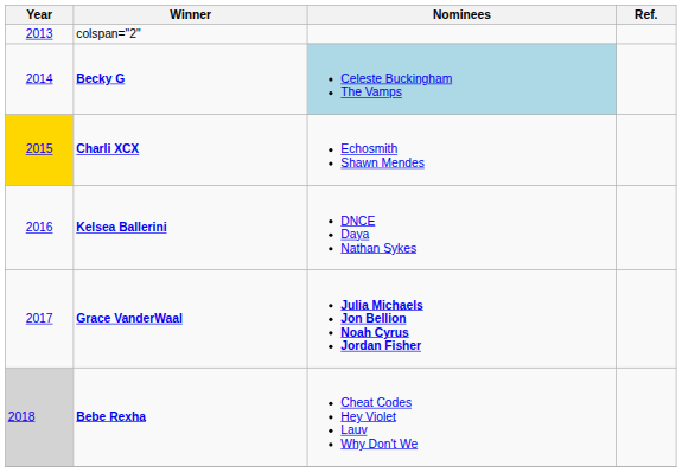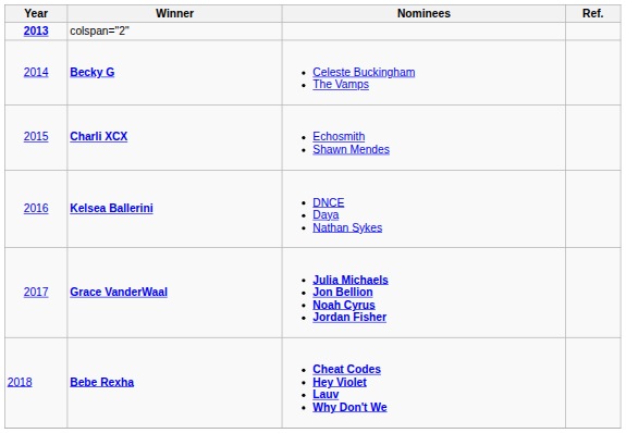 <table class="wikitable" width=70%>
 <tr>
 <th>Year</th>
 <th>Winner</th>
 <th>Nominees</th>
 <th>Ref.</th>
 </tr>
 <tr>
-<td align="center"><a href='#'>2013</a></td>
+<td align="center"><strong><a href='#'>2013</a></strong></td>
 <td>colspan="2" </td>
 <td align="center"></td>
 </tr>
 <tr>
 <td align="center"><a href='#'>2014</a></td>
 <td><strong><a href='#'>Becky G</a></strong></td>
-<td style="background: lightblue;"><br><ul><li><a href='#'>Celeste Buckingham</a></li><li><a href='#'>The Vamps</a></li></ul></td>
+<td><br><ul><li><a href='#'>Celeste Buckingham</a></li><li><a href='#'>The Vamps</a></li></ul></td>
 <td align="center"></td>
 </tr>
 <tr>
-<td align="center" style="background: gold;"><a href='#'>2015</a></td>
+<td align="center"><a href='#'>2015</a></td>
 <td><strong><a href='#'>Charli XCX</a></strong></td>
 <td><br><ul><li><a href='#'>Echosmith</a></li><li><a href='#'>Shawn Mendes</a></li></ul></td>
 <td align="center"></td>
 </tr>
 <tr>
 <td align="center"><a href='#'>2016</a></td>
 <td><strong><a href='#'>Kelsea Ballerini</a></strong></td>
 <td><br><ul><li><a href='#'>DNCE</a></li><li><a href='#'>Daya</a></li><li><a href='#'>Nathan Sykes</a></li></ul></td>
 <td align="center"></td>
 </tr>
 <tr>
 <td align="center"><a href='#'>2017</a></td>
 <td><strong><a href='#'>Grace VanderWaal</a></strong></td>
 <td><strong><br><ul><li><a href='#'>Julia Michaels</a></li><li><a href='#'>Jon Bellion</a></li><li><a href='#'>Noah Cyrus</a></li><li><a href='#'>Jordan Fisher</a></li></ul></strong></td>
 <td align="center"></td>
 </tr>
 <tr>
-<td style="background: lightgrey;"><a href='#'>2018</a></td>
+<td><a href='#'>2018</a></td>
 <td><strong><a href='#'>Bebe Rexha</a></strong></td>
-<td><br><ul><li><a href='#'>Cheat Codes</a></li><li><a href='#'>Hey Violet</a></li><li><a href='#'>Lauv</a></li><li><a href='#'>Why Don't We</a></li></ul></td>
+<td><strong><br><ul><li><a href='#'>Cheat Codes</a></li><li><a href='#'>Hey Violet</a></li><li><a href='#'>Lauv</a></li><li><a href='#'>Why Don't We</a></li></ul></strong></td>
 <td></td>
 </tr>
 <tr>
 </tr>
 </table>
